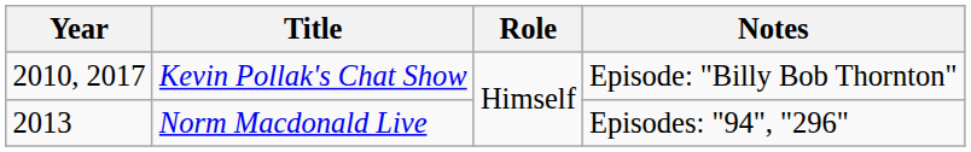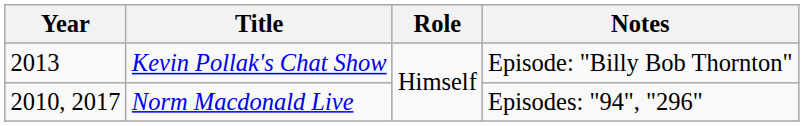 <table class="wikitable sortable">
 <tr>
 <th>Year</th>
 <th>Title</th>
 <th>Role</th>
 <th class="unsortable">Notes</th>
 </tr>
 <tr>
-<td>2010, 2017</td>
+<td>2013</td>
 <td><em><a href='#'>Kevin Pollak's Chat Show</a></em></td>
 <td rowspan="2">Himself</td>
 <td>Episode: "Billy Bob Thornton"</td>
 </tr>
 <tr>
-<td>2013</td>
+<td>2010, 2017</td>
 <td><em><a href='#'>Norm Macdonald Live</a></em></td>
 <td>Episodes: "94", "296"</td>
 </tr>
 </table>
